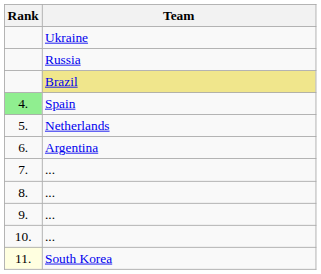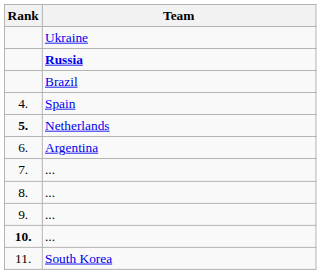 <table class="wikitable" style="font-size:95%;">
 <tr>
 <th>Rank</th>
 <th align="left" style="width: 20em">Team</th>
 </tr>
 <tr>
 <td align="center"></td>
 <td> <a href='#'>Ukraine</a></td>
 </tr>
 <tr>
 <td align="center"></td>
-<td> <a href='#'>Russia</a></td>
+<td><strong> <a href='#'>Russia</a></strong></td>
 </tr>
 <tr>
 <td align="center"></td>
-<td style="background: khaki;"> <a href='#'>Brazil</a></td>
+<td> <a href='#'>Brazil</a></td>
 </tr>
 <tr>
-<td align="center" style="background: lightgreen;">4.</td>
+<td align="center">4.</td>
 <td> <a href='#'>Spain</a></td>
 </tr>
 <tr>
-<td align="center">5.</td>
+<td align="center"><strong>5.</strong></td>
 <td> <a href='#'>Netherlands</a></td>
 </tr>
 <tr>
 <td align="center">6.</td>
 <td> <a href='#'>Argentina</a></td>
 </tr>
 <tr>
 <td align="center">7.</td>
 <td>...</td>
 </tr>
 <tr>
 <td align="center">8.</td>
 <td>...</td>
 </tr>
 <tr>
 <td align="center">9.</td>
 <td>...</td>
 </tr>
 <tr>
-<td align="center">10.</td>
+<td align="center"><strong>10.</strong></td>
 <td>...</td>
 </tr>
 <tr>
-<td align="center" style="background: lightyellow;">11.</td>
+<td align="center">11.</td>
 <td> <a href='#'>South Korea</a></td>
 </tr>
 </table>
